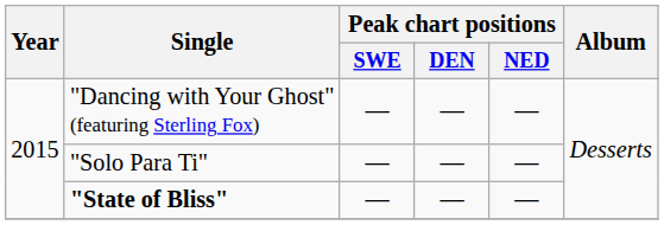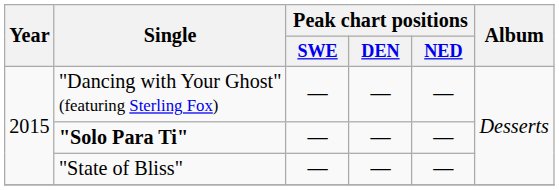 <table class="wikitable" style=text-align:center;>
 <tr>
 <th rowspan="2">Year</th>
 <th rowspan="2">Single</th>
 <th colspan="3">Peak chart positions</th>
 <th rowspan="2">Album</th>
 </tr>
 <tr>
 <th style="width:3em;font-size:90%"><a href='#'>SWE</a><br></th>
 <th style="width:3em;font-size:90%"><a href='#'>DEN</a><br></th>
 <th style="width:3em;font-size:90%"><a href='#'>NED</a><br></th>
 </tr>
 <tr>
 <td rowspan="3">2015</td>
 <td align="left">"Dancing with Your Ghost"<br><small>(featuring <a href='#'>Sterling Fox</a>)</small></td>
 <td>—</td>
 <td>—</td>
 <td>—</td>
 <td rowspan="3"><em>Desserts</em></td>
 </tr>
 <tr>
-<td align="left">"Solo Para Ti"</td>
+<td align="left"><strong>"Solo Para Ti"</strong></td>
 <td>—</td>
 <td>—</td>
 <td>—</td>
 </tr>
 <tr>
-<td align="left"><strong>"State of Bliss"</strong></td>
+<td align="left">"State of Bliss"</td>
 <td>—</td>
 <td>—</td>
 <td>—</td>
 </tr>
 <tr>
 </tr>
 </table>
